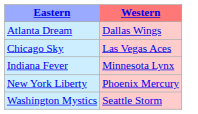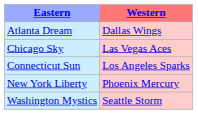 <table class="wikitable">
 <tr>
 <th style="background-color: #9AF;"><a href='#'>Eastern</a></th>
 <th style="background-color: #F77;"><a href='#'>Western</a></th>
 </tr>
 <tr>
 <td style="background-color: #CEF;"><a href='#'>Atlanta Dream</a></td>
 <td style="background-color: #FCC;"><a href='#'>Dallas Wings</a></td>
 </tr>
 <tr>
 <td style="background-color: #CEF;"><a href='#'>Chicago Sky</a></td>
 <td style="background-color: #FCC;"><a href='#'>Las Vegas Aces</a></td>
 </tr>
 <tr>
-<td style="background-color: #CEF;"><a href='#'>Indiana Fever</a></td>
-<td style="background-color: #FCC;"><a href='#'>Minnesota Lynx</a></td>
+<td style="background-color: #CEF;"><a href='#'>Connecticut Sun</a></td>
+<td style="background-color: #FCC;"><a href='#'>Los Angeles Sparks</a></td>
 </tr>
 <tr>
 <td style="background-color: #CEF;"><a href='#'>New York Liberty</a></td>
 <td style="background-color: #FCC;"><a href='#'>Phoenix Mercury</a></td>
 </tr>
 <tr>
 <td style="background-color: #CEF;"><a href='#'>Washington Mystics</a></td>
 <td style="background-color: #FCC;"><a href='#'>Seattle Storm</a></td>
 </tr>
 </table>
